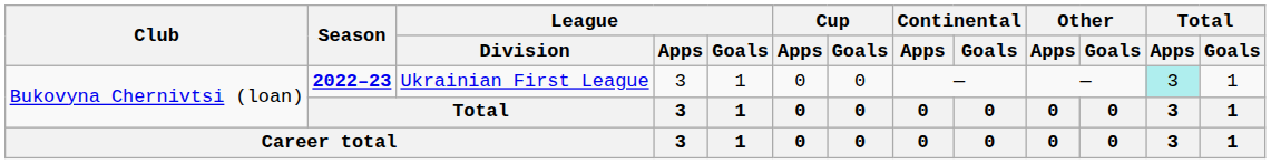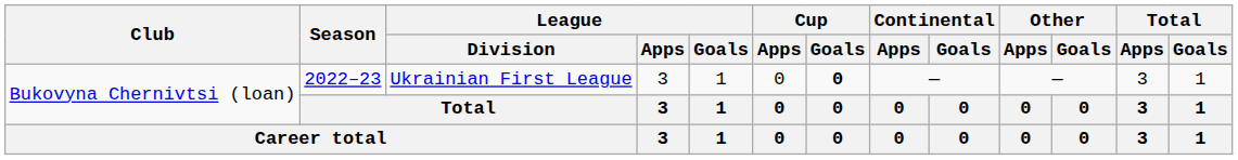 <table class="wikitable" style="text-align:center">
 <tr>
 <th rowspan="2">Club</th>
 <th rowspan="2">Season</th>
 <th colspan="3">League</th>
 <th colspan="2">Cup</th>
 <th colspan="2">Continental</th>
 <th colspan="2">Other</th>
 <th colspan="2">Total</th>
 </tr>
 <tr>
 <th>Division</th>
 <th>Apps</th>
 <th>Goals</th>
 <th>Apps</th>
 <th>Goals</th>
 <th>Apps</th>
 <th>Goals</th>
 <th>Apps</th>
 <th>Goals</th>
 <th>Apps</th>
 <th>Goals</th>
 </tr>
 <tr>
 <td rowspan="2"><a href='#'>Bukovyna Chernivtsi</a> (loan)</td>
-<td><strong><a href='#'>2022–23</a></strong></td>
+<td><a href='#'>2022–23</a></td>
 <td><a href='#'>Ukrainian First League</a></td>
 <td>3</td>
 <td>1</td>
 <td>0</td>
-<td>0</td>
+<td><strong>0</strong></td>
 <td colspan="2">—</td>
 <td colspan="2">—</td>
-<td style="background: paleturquoise;">3</td>
+<td>3</td>
 <td>1</td>
 </tr>
 <tr>
 <th colspan="2">Total</th>
 <th>3</th>
 <th>1</th>
 <th>0</th>
 <th>0</th>
 <th>0</th>
 <th>0</th>
 <th>0</th>
 <th>0</th>
 <th>3</th>
 <th>1</th>
 </tr>
 <tr>
 <th colspan="3">Career total</th>
 <th>3</th>
 <th>1</th>
 <th>0</th>
 <th>0</th>
 <th>0</th>
 <th>0</th>
 <th>0</th>
 <th>0</th>
 <th>3</th>
 <th>1</th>
 </tr>
 </table>
